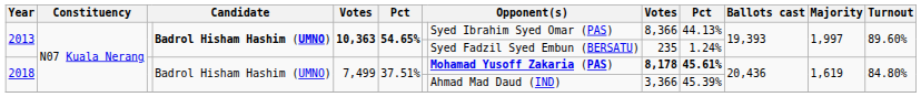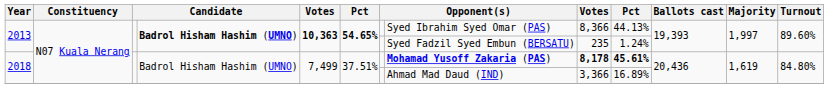 <table class="wikitable" style="margin:0.5em ; font-size:95%">
 <tr>
 <th>Year</th>
 <th>Constituency</th>
 <th colspan=2>Candidate</th>
 <th>Votes</th>
 <th>Pct</th>
 <th colspan=2>Opponent(s)</th>
 <th>Votes</th>
 <th>Pct</th>
 <th>Ballots cast</th>
 <th>Majority</th>
 <th>Turnout</th>
 </tr>
 <tr>
 <td rowspan=2><a href='#'>2013</a></td>
 <td rowspan=4>N07 <a href='#'>Kuala Nerang</a></td>
 <td rowspan=2 ></td>
 <td rowspan=2><strong>Badrol Hisham Hashim</strong> (<a href='#'><strong>UMNO</strong></a>)</td>
 <td rowspan=2 align=right><strong>10,363</strong></td>
 <td rowspan=2><strong>54.65%</strong></td>
 <td></td>
 <td>Syed Ibrahim Syed Omar (<a href='#'>PAS</a>)</td>
 <td align=right>8,366</td>
 <td>44.13%</td>
 <td rowspan=2>19,393</td>
 <td rowspan=2>1,997</td>
 <td rowspan=2>89.60%</td>
 </tr>
 <tr>
 <td></td>
 <td>Syed Fadzil Syed Embun (<a href='#'>BERSATU</a>)</td>
 <td align=right>235</td>
 <td align=right>1.24%</td>
 </tr>
 <tr>
 <td rowspan=2><a href='#'>2018</a></td>
 <td rowspan=2 ></td>
 <td rowspan=2>Badrol Hisham Hashim (<a href='#'>UMNO</a>)</td>
 <td rowspan=2 align=right>7,499</td>
 <td rowspan=2>37.51%</td>
 <td></td>
 <td><strong><a href='#'>Mohamad Yusoff Zakaria</a></strong> (<a href='#'><strong>PAS</strong></a>)</td>
 <td align=right><strong>8,178</strong></td>
 <td><strong>45.61%</strong></td>
 <td rowspan=2>20,436</td>
 <td rowspan=2>1,619</td>
 <td rowspan=2>84.80%</td>
 </tr>
 <tr>
 <td></td>
 <td>Ahmad Mad Daud (<a href='#'>IND</a>)</td>
 <td align=right>3,366</td>
-<td>45.39%</td>
+<td>16.89%</td>
 </tr>
 <tr>
 </tr>
 </table>
